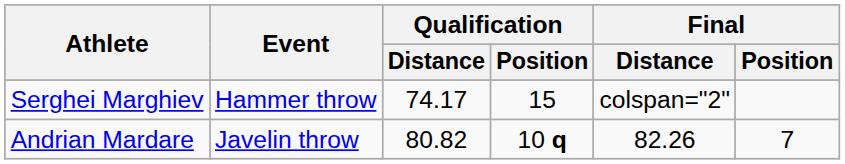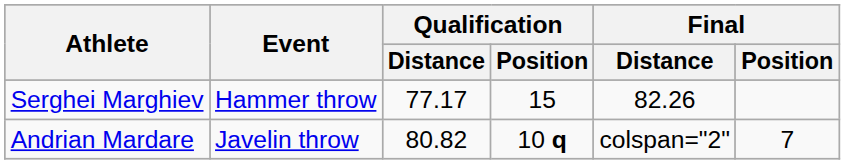 <table class="wikitable" style="font-size:90%">
 <tr>
 <th rowspan="2">Athlete</th>
 <th rowspan="2">Event</th>
 <th colspan="2">Qualification</th>
 <th colspan="2">Final</th>
 </tr>
 <tr style="font-size:95%">
 <th>Distance</th>
 <th>Position</th>
 <th>Distance</th>
 <th>Position</th>
 </tr>
 <tr align="center">
 <td align="left"><a href='#'>Serghei Marghiev</a></td>
 <td align="left"><a href='#'>Hammer throw</a></td>
-<td>74.17</td>
+<td>77.17</td>
 <td>15</td>
-<td>colspan="2" </td>
+<td>82.26</td>
 </tr>
 <tr align="center">
 <td align="left"><a href='#'>Andrian Mardare</a></td>
 <td align="left"><a href='#'>Javelin throw</a></td>
 <td>80.82</td>
 <td>10 <strong>q</strong></td>
-<td>82.26</td>
+<td>colspan="2" </td>
 <td>7</td>
 </tr>
 </table>
